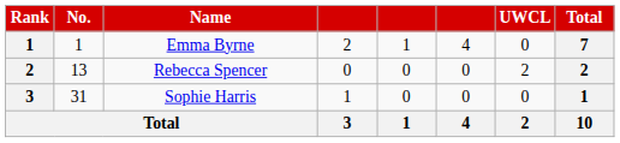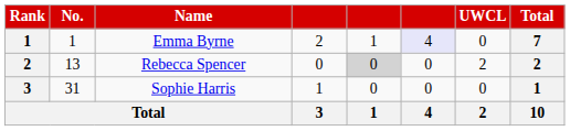 <table class="wikitable" style="text-align:center; font-size:100%; ">
 <tr>
 <th style="background:#d50000; color:white; text-align:center; width:40px">Rank</th>
 <th style="background:#d50000; color:white; text-align:center; width:40px">No.</th>
 <th style="background:#d50000; color:white; text-align:center; width:200px">Name</th>
 <th style="background:#d50000; color:white; text-align:center; width:50px;"><a href='#'></a></th>
 <th style="background:#d50000; color:white; text-align:center; width:50px;"><a href='#'></a></th>
 <th style="background:#d50000; color:white; text-align:center; width:50px;"></th>
 <th style="background:#d50000; color:white; text-align:center; width:50px;">UWCL</th>
 <th style="background:#d50000; color:white; text-align:center; width:50px;">Total</th>
 </tr>
 <tr>
 <th>1</th>
 <td>1</td>
 <td> <a href='#'>Emma Byrne</a></td>
 <td>2</td>
 <td>1</td>
-<td>4</td>
+<td style="background: lavender;">4</td>
 <td>0</td>
 <th>7</th>
 </tr>
 <tr>
 <th>2</th>
 <td>13</td>
 <td><em></em> <a href='#'>Rebecca Spencer</a></td>
 <td>0</td>
-<td>0</td>
+<td style="background: lightgrey;">0</td>
 <td>0</td>
 <td>2</td>
 <th>2</th>
 </tr>
 <tr>
 <th>3</th>
 <td>31</td>
 <td> <a href='#'>Sophie Harris</a></td>
 <td>1</td>
 <td>0</td>
 <td>0</td>
 <td>0</td>
 <th>1</th>
 </tr>
 <tr>
 <th colspan="3">Total</th>
 <th>3</th>
 <th>1</th>
 <th>4</th>
 <th>2</th>
 <th>10</th>
 </tr>
 </table>
